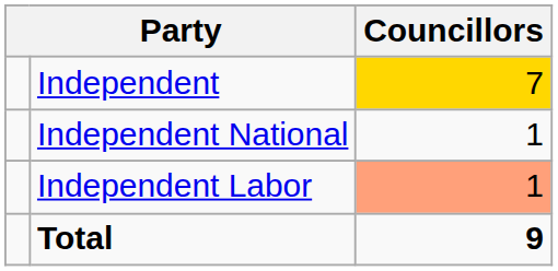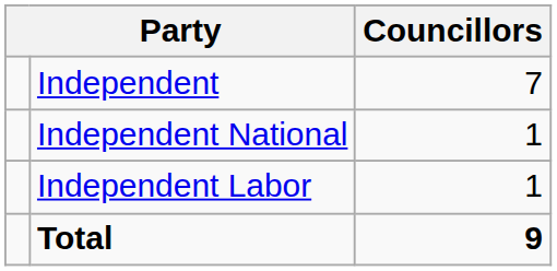 <table class="wikitable">
 <tr>
 <th colspan="2">Party</th>
 <th>Councillors</th>
 </tr>
 <tr>
 <td> </td>
 <td><a href='#'>Independent</a></td>
-<td align=right style="background: gold;">7</td>
+<td align=right>7</td>
 </tr>
 <tr>
 <td> </td>
 <td><a href='#'>Independent National</a></td>
 <td align=right>1</td>
 </tr>
 <tr>
 <td> </td>
 <td><a href='#'>Independent Labor</a></td>
-<td align=right style="background: lightsalmon;">1</td>
+<td align=right>1</td>
 </tr>
 <tr>
 <td></td>
 <td><strong>Total</strong></td>
 <td align=right><strong>9</strong></td>
 </tr>
 </table>
